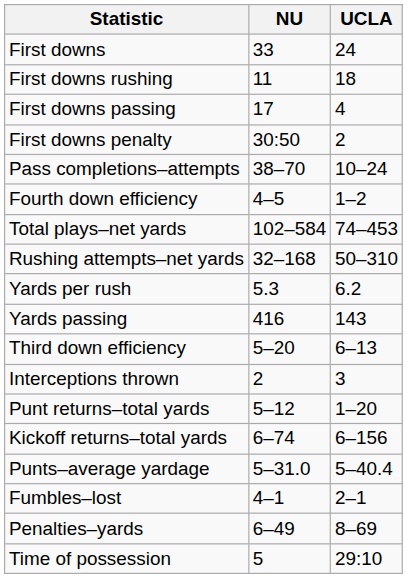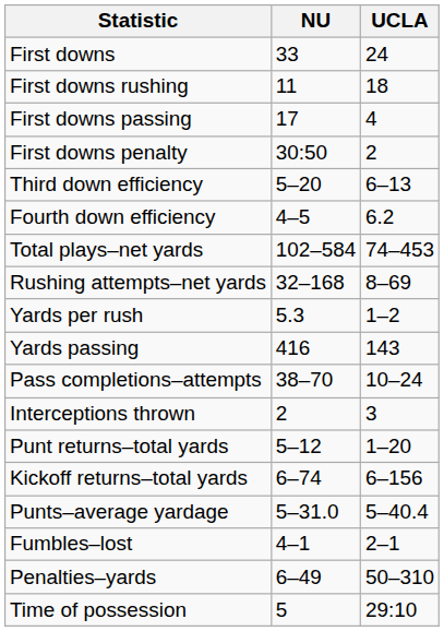 <table class="wikitable">
 <tr>
 <th>Statistic</th>
 <th>NU</th>
 <th>UCLA</th>
 </tr>
 <tr>
 <td>First downs</td>
 <td>33</td>
 <td>24</td>
 </tr>
 <tr>
 <td>First downs rushing</td>
 <td>11</td>
 <td>18</td>
 </tr>
 <tr>
 <td>First downs passing</td>
 <td>17</td>
 <td>4</td>
 </tr>
 <tr>
 <td>First downs penalty</td>
 <td>30:50</td>
 <td>2</td>
 </tr>
 <tr>
-<td>Pass completions–attempts</td>
-<td>38–70</td>
-<td>10–24</td>
+<td>Third down efficiency</td>
+<td>5–20</td>
+<td>6–13</td>
 </tr>
 <tr>
 <td>Fourth down efficiency</td>
 <td>4–5</td>
-<td>1–2</td>
+<td>6.2</td>
 </tr>
 <tr>
 <td>Total plays–net yards</td>
 <td>102–584</td>
 <td>74–453</td>
 </tr>
 <tr>
 <td>Rushing attempts–net yards</td>
 <td>32–168</td>
-<td>50–310</td>
+<td>8–69</td>
 </tr>
 <tr>
 <td>Yards per rush</td>
 <td>5.3</td>
-<td>6.2</td>
+<td>1–2</td>
 </tr>
 <tr>
 <td>Yards passing</td>
 <td>416</td>
 <td>143</td>
 </tr>
 <tr>
-<td>Third down efficiency</td>
-<td>5–20</td>
-<td>6–13</td>
+<td>Pass completions–attempts</td>
+<td>38–70</td>
+<td>10–24</td>
 </tr>
 <tr>
 <td>Interceptions thrown</td>
 <td>2</td>
 <td>3</td>
 </tr>
 <tr>
 <td>Punt returns–total yards</td>
 <td>5–12</td>
 <td>1–20</td>
 </tr>
 <tr>
 <td>Kickoff returns–total yards</td>
 <td>6–74</td>
 <td>6–156</td>
 </tr>
 <tr>
 <td>Punts–average yardage</td>
 <td>5–31.0</td>
 <td>5–40.4</td>
 </tr>
 <tr>
 <td>Fumbles–lost</td>
 <td>4–1</td>
 <td>2–1</td>
 </tr>
 <tr>
 <td>Penalties–yards</td>
 <td>6–49</td>
-<td>8–69</td>
+<td>50–310</td>
 </tr>
 <tr>
 <td>Time of possession</td>
 <td>5</td>
 <td>29:10</td>
 </tr>
 </table>
